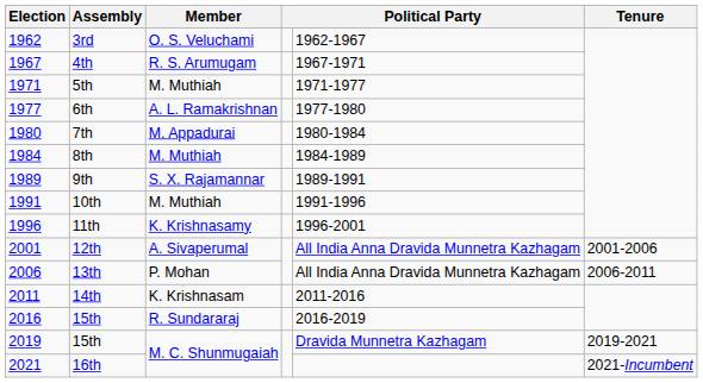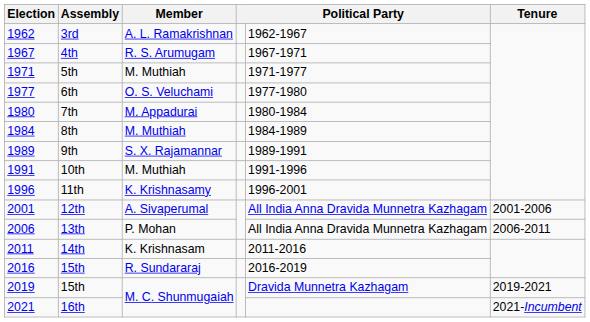 <table class="wikitable sortable">
 <tr>
 <th>Election</th>
 <th>Assembly</th>
 <th>Member</th>
 <th colspan="2">Political Party</th>
 <th>Tenure</th>
 </tr>
 <tr>
 <td><a href='#'>1962</a></td>
 <td><a href='#'>3rd</a></td>
-<td><a href='#'>O. S. Veluchami</a></td>
+<td><a href='#'>A. L. Ramakrishnan</a></td>
 <td></td>
 <td>1962-1967</td>
 </tr>
 <tr>
 <td><a href='#'>1967</a></td>
 <td><a href='#'>4th</a></td>
 <td><a href='#'>R. S. Arumugam</a></td>
 <td></td>
 <td>1967-1971</td>
 </tr>
 <tr>
 <td><a href='#'>1971</a></td>
 <td>5th</td>
 <td>M. Muthiah</td>
 <td></td>
 <td>1971-1977</td>
 </tr>
 <tr>
 <td><a href='#'>1977</a></td>
 <td>6th</td>
-<td><a href='#'>A. L. Ramakrishnan</a></td>
+<td><a href='#'>O. S. Veluchami</a></td>
 <td></td>
 <td>1977-1980</td>
 </tr>
 <tr>
 <td><a href='#'>1980</a></td>
 <td>7th</td>
 <td><a href='#'>M. Appadurai</a></td>
 <td></td>
 <td>1980-1984</td>
 </tr>
 <tr>
 <td><a href='#'>1984</a></td>
 <td>8th</td>
 <td><a href='#'>M. Muthiah</a></td>
 <td></td>
 <td>1984-1989</td>
 </tr>
 <tr>
 <td><a href='#'>1989</a></td>
 <td>9th</td>
 <td><a href='#'>S. X. Rajamannar</a></td>
 <td></td>
 <td>1989-1991</td>
 </tr>
 <tr>
 <td><a href='#'>1991</a></td>
 <td>10th</td>
 <td>M. Muthiah</td>
 <td></td>
 <td>1991-1996</td>
 </tr>
 <tr>
 <td><a href='#'>1996</a></td>
 <td>11th</td>
 <td><a href='#'>K. Krishnasamy</a></td>
 <td></td>
 <td>1996-2001</td>
 </tr>
 <tr>
 <td><a href='#'>2001</a></td>
 <td><a href='#'>12th</a></td>
 <td><a href='#'>A. Sivaperumal</a></td>
 <td rowspan="2" width=4px style="background-color: "></td>
 <td><a href='#'>All India Anna Dravida Munnetra Kazhagam</a></td>
 <td>2001-2006</td>
 </tr>
 <tr>
 <td><a href='#'>2006</a></td>
 <td><a href='#'>13th</a></td>
 <td>P. Mohan</td>
 <td>All India Anna Dravida Munnetra Kazhagam</td>
 <td>2006-2011</td>
 </tr>
 <tr>
 <td><a href='#'>2011</a></td>
 <td><a href='#'>14th</a></td>
 <td>K. Krishnasam</td>
 <td></td>
 <td>2011-2016</td>
 </tr>
 <tr>
 <td><a href='#'>2016</a></td>
 <td><a href='#'>15th</a></td>
 <td><a href='#'>R. Sundararaj</a></td>
 <td></td>
 <td>2016-2019</td>
 </tr>
 <tr>
 <td><a href='#'>2019</a></td>
 <td>15th</td>
 <td rowspan=2><a href='#'>M. C. Shunmugaiah</a></td>
 <td rowspan="2" width=4px style="background-color: "></td>
 <td><a href='#'>Dravida Munnetra Kazhagam</a></td>
 <td>2019-2021</td>
 </tr>
 <tr>
 <td><a href='#'>2021</a></td>
 <td><a href='#'>16th</a></td>
 <td></td>
 <td>2021-<em><a href='#'>Incumbent</a></em></td>
 </tr>
 </table>
